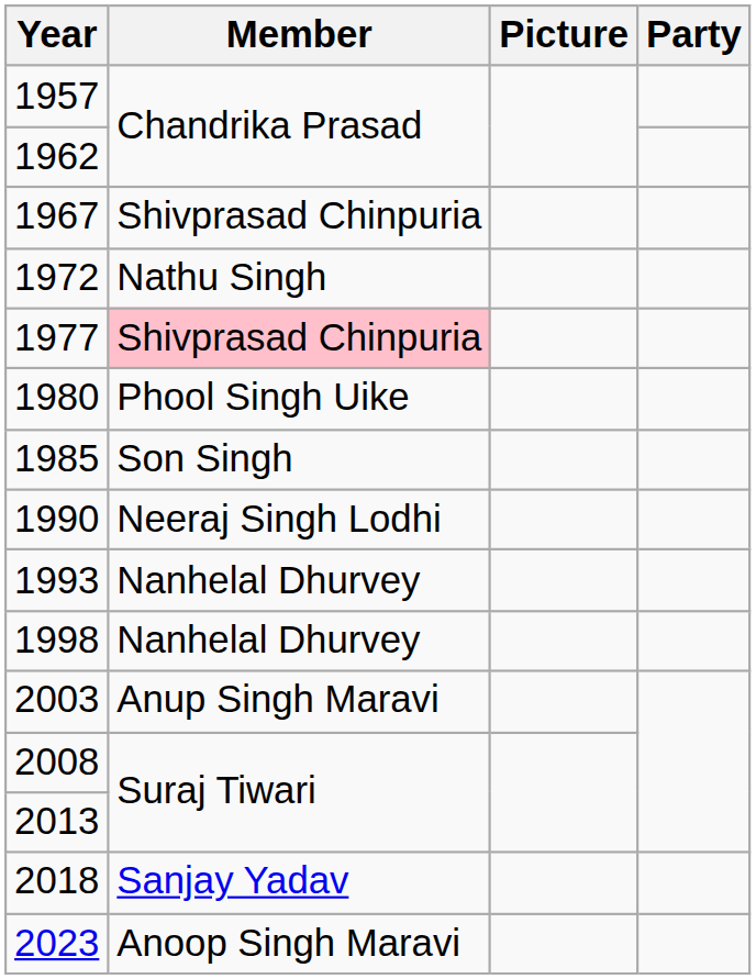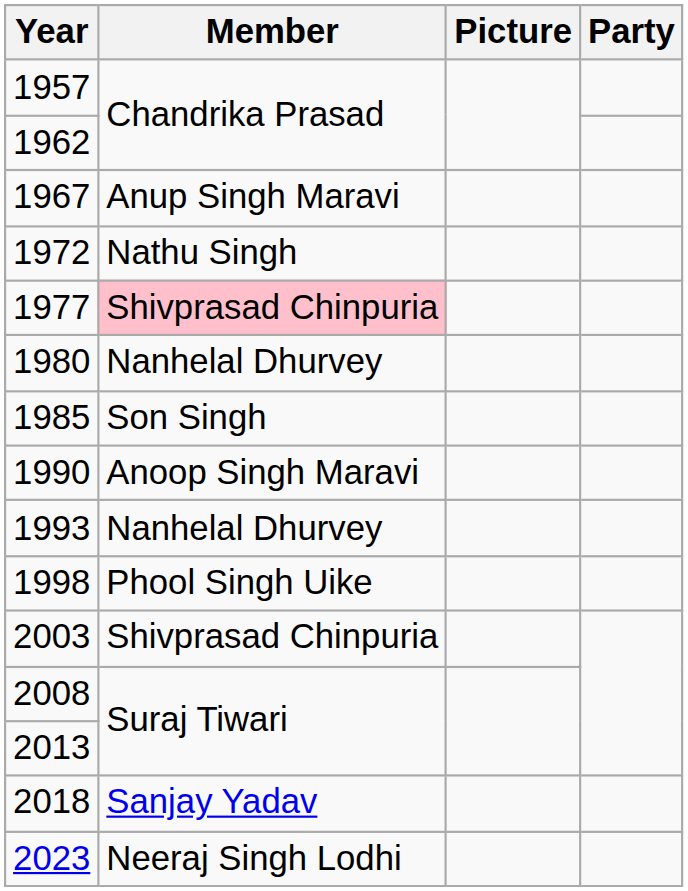 <table class="wikitable sortable">
 <tr>
 <th>Year</th>
 <th>Member</th>
 <th>Picture</th>
 <th colspan=2>Party</th>
 </tr>
 <tr>
 <td>1957</td>
 <td rowspan=2>Chandrika Prasad</td>
 <td rowspan=2></td>
 <td></td>
 </tr>
 <tr>
 <td>1962</td>
 </tr>
 <tr>
 <td>1967</td>
-<td>Shivprasad Chinpuria</td>
+<td>Anup Singh Maravi</td>
 <td></td>
 <td></td>
 </tr>
 <tr>
 <td>1972</td>
 <td>Nathu Singh</td>
 <td></td>
 <td></td>
 </tr>
 <tr>
 <td>1977</td>
 <td style="background: pink;">Shivprasad Chinpuria</td>
 <td></td>
 <td></td>
 </tr>
 <tr>
 <td>1980</td>
-<td>Phool Singh Uike</td>
+<td>Nanhelal Dhurvey</td>
 <td></td>
 <td></td>
 </tr>
 <tr>
 <td>1985</td>
 <td>Son Singh</td>
 <td></td>
 <td></td>
 </tr>
 <tr>
 <td>1990</td>
-<td>Neeraj Singh Lodhi</td>
+<td>Anoop Singh Maravi</td>
 <td></td>
 </tr>
 <tr>
 <td>1993</td>
 <td>Nanhelal Dhurvey</td>
 <td></td>
 <td></td>
 </tr>
 <tr>
 <td>1998</td>
-<td>Nanhelal Dhurvey</td>
+<td>Phool Singh Uike</td>
 <td></td>
 <td></td>
 </tr>
 <tr>
 <td>2003</td>
-<td>Anup Singh Maravi</td>
+<td>Shivprasad Chinpuria</td>
 <td></td>
 </tr>
 <tr>
 <td>2008</td>
 <td rowspan=2>Suraj Tiwari</td>
 <td rowspan="2"></td>
 </tr>
 <tr>
 <td>2013</td>
 </tr>
 <tr>
 <td>2018</td>
 <td><a href='#'>Sanjay Yadav</a></td>
 <td></td>
 <td></td>
 </tr>
 <tr>
 <td><a href='#'>2023</a></td>
-<td>Anoop Singh Maravi</td>
+<td>Neeraj Singh Lodhi</td>
 <td></td>
 <td></td>
 </tr>
 </table>
